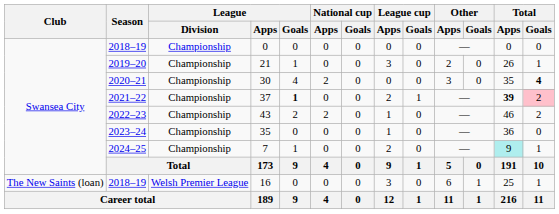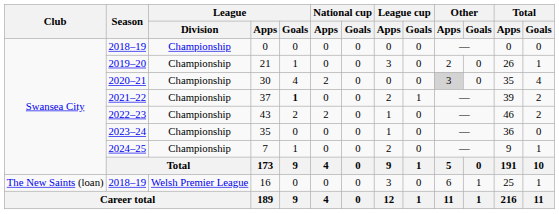 <table class=wikitable style="text-align: center">
 <tr>
 <th rowspan="2">Club</th>
 <th rowspan="2">Season</th>
 <th colspan="3">League</th>
 <th colspan="2">National cup</th>
 <th colspan="2">League cup</th>
 <th colspan="2">Other</th>
 <th colspan="2">Total</th>
 </tr>
 <tr>
 <th>Division</th>
 <th>Apps</th>
 <th>Goals</th>
 <th>Apps</th>
 <th>Goals</th>
 <th>Apps</th>
 <th>Goals</th>
 <th>Apps</th>
 <th>Goals</th>
 <th>Apps</th>
 <th>Goals</th>
 </tr>
 <tr>
 <td rowspan="8"><a href='#'>Swansea City</a></td>
 <td><a href='#'>2018–19</a></td>
 <td><a href='#'>Championship</a></td>
 <td>0</td>
 <td>0</td>
 <td>0</td>
 <td>0</td>
 <td>0</td>
 <td>0</td>
 <td colspan="2">—</td>
 <td>0</td>
 <td>0</td>
 </tr>
 <tr>
 <td><a href='#'>2019–20</a></td>
 <td>Championship</td>
 <td>21</td>
 <td>1</td>
 <td>0</td>
 <td>0</td>
 <td>3</td>
 <td>0</td>
 <td>2</td>
 <td>0</td>
 <td>26</td>
 <td>1</td>
 </tr>
 <tr>
 <td><a href='#'>2020–21</a></td>
 <td>Championship</td>
 <td>30</td>
 <td>4</td>
 <td>2</td>
 <td>0</td>
 <td>0</td>
 <td>0</td>
-<td>3</td>
+<td style="background: lightgrey;">3</td>
 <td>0</td>
 <td>35</td>
-<td><strong>4</strong></td>
+<td>4</td>
 </tr>
 <tr>
 <td><a href='#'>2021–22</a></td>
 <td>Championship</td>
 <td>37</td>
 <td><strong>1</strong></td>
 <td>0</td>
 <td>0</td>
 <td>2</td>
 <td>1</td>
 <td colspan="2">—</td>
-<td><strong>39</strong></td>
-<td style="background: pink;">2</td>
+<td>39</td>
+<td>2</td>
 </tr>
 <tr>
 <td><a href='#'>2022–23</a></td>
 <td>Championship</td>
 <td>43</td>
 <td>2</td>
 <td>2</td>
 <td>0</td>
 <td>1</td>
 <td>0</td>
 <td colspan="2">—</td>
 <td>46</td>
 <td>2</td>
 </tr>
 <tr>
 <td><a href='#'>2023–24</a></td>
 <td>Championship</td>
 <td>35</td>
 <td>0</td>
 <td>0</td>
 <td>0</td>
 <td>1</td>
 <td>0</td>
 <td colspan="2">—</td>
 <td>36</td>
 <td>0</td>
 </tr>
 <tr>
 <td><a href='#'>2024–25</a></td>
 <td>Championship</td>
 <td>7</td>
 <td>1</td>
 <td>0</td>
 <td>0</td>
 <td>2</td>
 <td>0</td>
 <td colspan="2">—</td>
-<td style="background: paleturquoise;">9</td>
+<td>9</td>
 <td>1</td>
 </tr>
 <tr>
 <th colspan="2">Total</th>
 <th>173</th>
 <th>9</th>
 <th>4</th>
 <th>0</th>
 <th>9</th>
 <th>1</th>
 <th>5</th>
 <th>0</th>
 <th>191</th>
 <th>10</th>
 </tr>
 <tr>
 <td><a href='#'>The New Saints</a> (loan)</td>
 <td><a href='#'>2018–19</a></td>
 <td><a href='#'>Welsh Premier League</a></td>
 <td>16</td>
 <td>0</td>
 <td>0</td>
 <td>0</td>
 <td>3</td>
 <td>0</td>
 <td>6</td>
 <td>1</td>
 <td>25</td>
 <td>1</td>
 </tr>
 <tr>
 <th colspan="3">Career total</th>
 <th>189</th>
 <th>9</th>
 <th>4</th>
 <th>0</th>
 <th>12</th>
 <th>1</th>
 <th>11</th>
 <th>1</th>
 <th>216</th>
 <th>11</th>
 </tr>
 </table>
